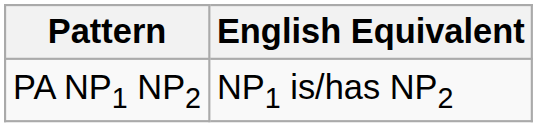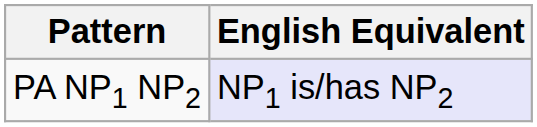 <table class="wikitable">
 <tr>
 <th>Pattern</th>
 <th>English Equivalent</th>
 </tr>
 <tr>
 <td>PA NP<sub>1</sub> NP<sub>2</sub></td>
-<td>NP<sub>1</sub> is/has NP<sub>2</sub></td>
+<td style="background: lavender;">NP<sub>1</sub> is/has NP<sub>2</sub></td>
 </tr>
 </table>
